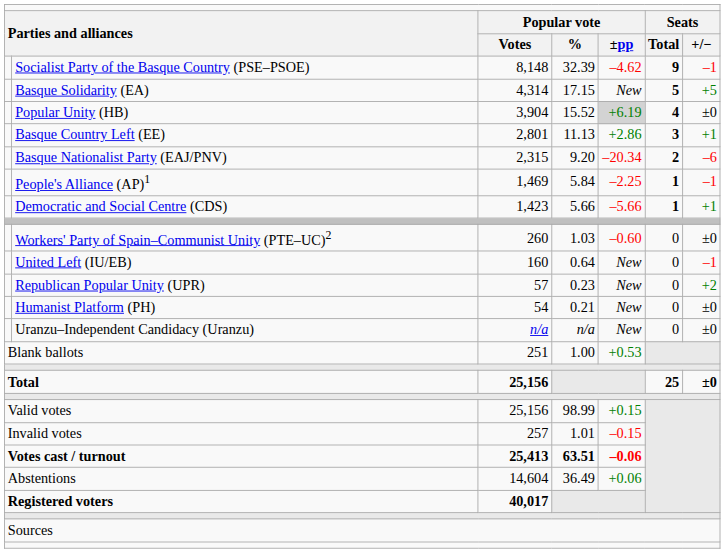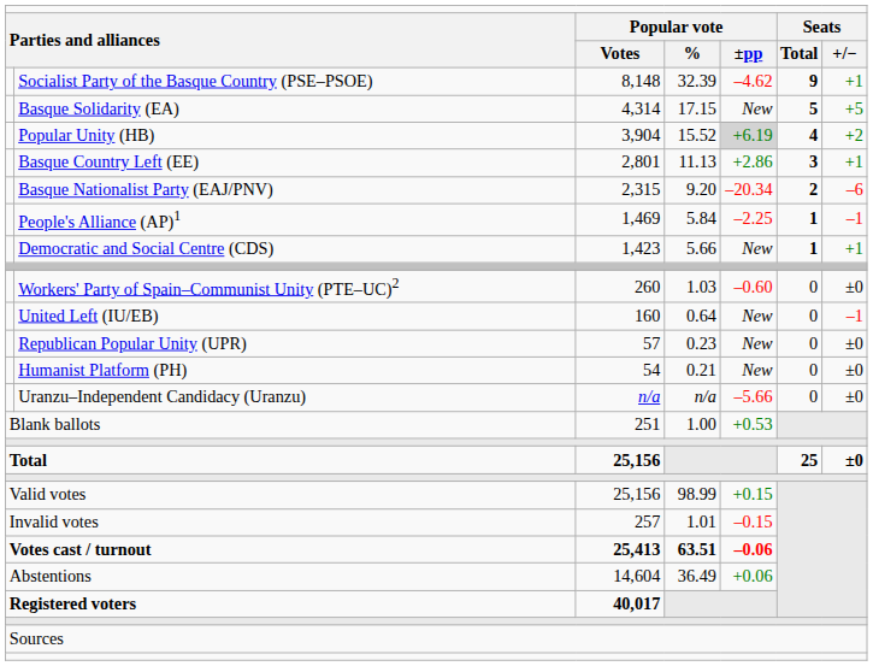 <table class="wikitable" style="text-align:right;">
 <tr>
 <td colspan="7"></td>
 </tr>
 <tr>
 <th style="text-align:left;" rowspan="2" colspan="2" width="525">Parties and alliances</th>
 <th colspan="3">Popular vote</th>
 <th colspan="2">Seats</th>
 </tr>
 <tr>
 <th width="75">Votes</th>
 <th width="45">%</th>
 <th width="45">±<a href='#'>pp</a></th>
 <th width="35">Total</th>
 <th width="35">+/−</th>
 </tr>
 <tr>
 <td width="1" style="color:inherit;background:"></td>
 <td align="left"><a href='#'>Socialist Party of the Basque Country</a> (PSE–PSOE)</td>
 <td>8,148</td>
 <td>32.39</td>
 <td style="color:red;">–4.62</td>
 <td><strong>9</strong></td>
-<td style="color:red;">–1</td>
+<td style="color:green;">+1</td>
 </tr>
 <tr>
 <td style="color:inherit;background:"></td>
 <td align="left"><a href='#'>Basque Solidarity</a> (EA)</td>
 <td>4,314</td>
 <td>17.15</td>
 <td><em>New</em></td>
 <td><strong>5</strong></td>
 <td style="color:green;">+5</td>
 </tr>
 <tr>
 <td style="color:inherit;background:"></td>
 <td align="left"><a href='#'>Popular Unity</a> (HB)</td>
 <td>3,904</td>
 <td>15.52</td>
 <td style="background: lightgrey; color:green;">+6.19</td>
 <td><strong>4</strong></td>
-<td>±0</td>
+<td style="color:green;">+2</td>
 </tr>
 <tr>
 <td style="color:inherit;background:"></td>
 <td align="left"><a href='#'>Basque Country Left</a> (EE)</td>
 <td>2,801</td>
 <td>11.13</td>
 <td style="color:green;">+2.86</td>
 <td><strong>3</strong></td>
 <td style="color:green;">+1</td>
 </tr>
 <tr>
 <td style="color:inherit;background:"></td>
 <td align="left"><a href='#'>Basque Nationalist Party</a> (EAJ/PNV)</td>
 <td>2,315</td>
 <td>9.20</td>
 <td style="color:red;">–20.34</td>
 <td><strong>2</strong></td>
 <td style="color:red;">–6</td>
 </tr>
 <tr>
 <td style="color:inherit;background:"></td>
 <td align="left"><a href='#'>People's Alliance</a> (AP)<sup>1</sup></td>
 <td>1,469</td>
 <td>5.84</td>
 <td style="color:red;">–2.25</td>
 <td><strong>1</strong></td>
 <td style="color:red;">–1</td>
 </tr>
 <tr>
 <td style="color:inherit;background:"></td>
 <td align="left"><a href='#'>Democratic and Social Centre</a> (CDS)</td>
 <td>1,423</td>
 <td>5.66</td>
-<td style="color:red;">–5.66</td>
+<td><em>New</em></td>
 <td><strong>1</strong></td>
 <td style="color:green;">+1</td>
 </tr>
 <tr>
 <td colspan="7" bgcolor="#C0C0C0"></td>
 </tr>
 <tr>
 <td style="color:inherit;background:"></td>
 <td align="left"><a href='#'>Workers' Party of Spain–Communist Unity</a> (PTE–UC)<sup>2</sup></td>
 <td>260</td>
 <td>1.03</td>
 <td style="color:red;">–0.60</td>
 <td>0</td>
 <td>±0</td>
 </tr>
 <tr>
 <td style="color:inherit;background:"></td>
 <td align="left"><a href='#'>United Left</a> (IU/EB)</td>
 <td>160</td>
 <td>0.64</td>
 <td><em>New</em></td>
 <td>0</td>
 <td style="color:red;">–1</td>
 </tr>
 <tr>
 <td style="color:inherit;background:"></td>
 <td align="left"><a href='#'>Republican Popular Unity</a> (UPR)</td>
 <td>57</td>
 <td>0.23</td>
 <td><em>New</em></td>
 <td>0</td>
-<td style="color:green;">+2</td>
+<td>±0</td>
 </tr>
 <tr>
 <td style="color:inherit;background:"></td>
 <td align="left"><a href='#'>Humanist Platform</a> (PH)</td>
 <td>54</td>
 <td>0.21</td>
 <td><em>New</em></td>
 <td>0</td>
 <td>±0</td>
 </tr>
 <tr>
 <td style="color:inherit;background:"></td>
 <td align="left">Uranzu–Independent Candidacy (Uranzu)</td>
 <td><em><a href='#'>n/a</a></em></td>
 <td><em>n/a</em></td>
-<td><em>New</em></td>
+<td style="color:red;">–5.66</td>
 <td>0</td>
 <td>±0</td>
 </tr>
 <tr>
 <td align="left" colspan="2">Blank ballots</td>
 <td>251</td>
 <td>1.00</td>
 <td style="color:green;">+0.53</td>
 <td bgcolor="#E9E9E9" colspan="2"></td>
 </tr>
 <tr>
 <td colspan="7" bgcolor="#E9E9E9"></td>
 </tr>
 <tr style="font-weight:bold;">
 <td align="left" colspan="2">Total</td>
 <td>25,156</td>
 <td bgcolor="#E9E9E9" colspan="2"></td>
 <td>25</td>
 <td>±0</td>
 </tr>
 <tr>
 <td colspan="7" bgcolor="#E9E9E9"></td>
 </tr>
 <tr>
 <td align="left" colspan="2">Valid votes</td>
 <td>25,156</td>
 <td>98.99</td>
 <td style="color:green;">+0.15</td>
 <td bgcolor="#E9E9E9" colspan="2" rowspan="5"></td>
 </tr>
 <tr>
 <td align="left" colspan="2">Invalid votes</td>
 <td>257</td>
 <td>1.01</td>
 <td style="color:red;">–0.15</td>
 </tr>
 <tr style="font-weight:bold;">
 <td align="left" colspan="2">Votes cast / turnout</td>
 <td>25,413</td>
 <td>63.51</td>
 <td style="color:red;">–0.06</td>
 </tr>
 <tr>
 <td align="left" colspan="2">Abstentions</td>
 <td>14,604</td>
 <td>36.49</td>
 <td style="color:green;">+0.06</td>
 </tr>
 <tr style="font-weight:bold;">
 <td align="left" colspan="2">Registered voters</td>
 <td>40,017</td>
 <td bgcolor="#E9E9E9" colspan="2"></td>
 </tr>
 <tr>
 <td colspan="7" bgcolor="#E9E9E9"></td>
 </tr>
 <tr>
 <td align="left" colspan="7">Sources</td>
 </tr>
 <tr>
 <td colspan="7" style="text-align:left; max-width:790px;"></td>
 </tr>
 </table>
